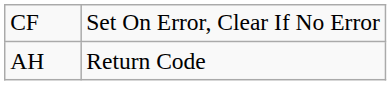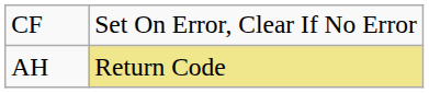 <table class="wikitable">
 <tr>
 <td width="20%">CF</td>
 <td width="80%">Set On Error, Clear If No Error</td>
 </tr>
 <tr>
 <td width="20%">AH</td>
-<td width="80%">Return Code</td>
+<td width="80%" style="background: khaki;">Return Code</td>
 </tr>
 </table>
